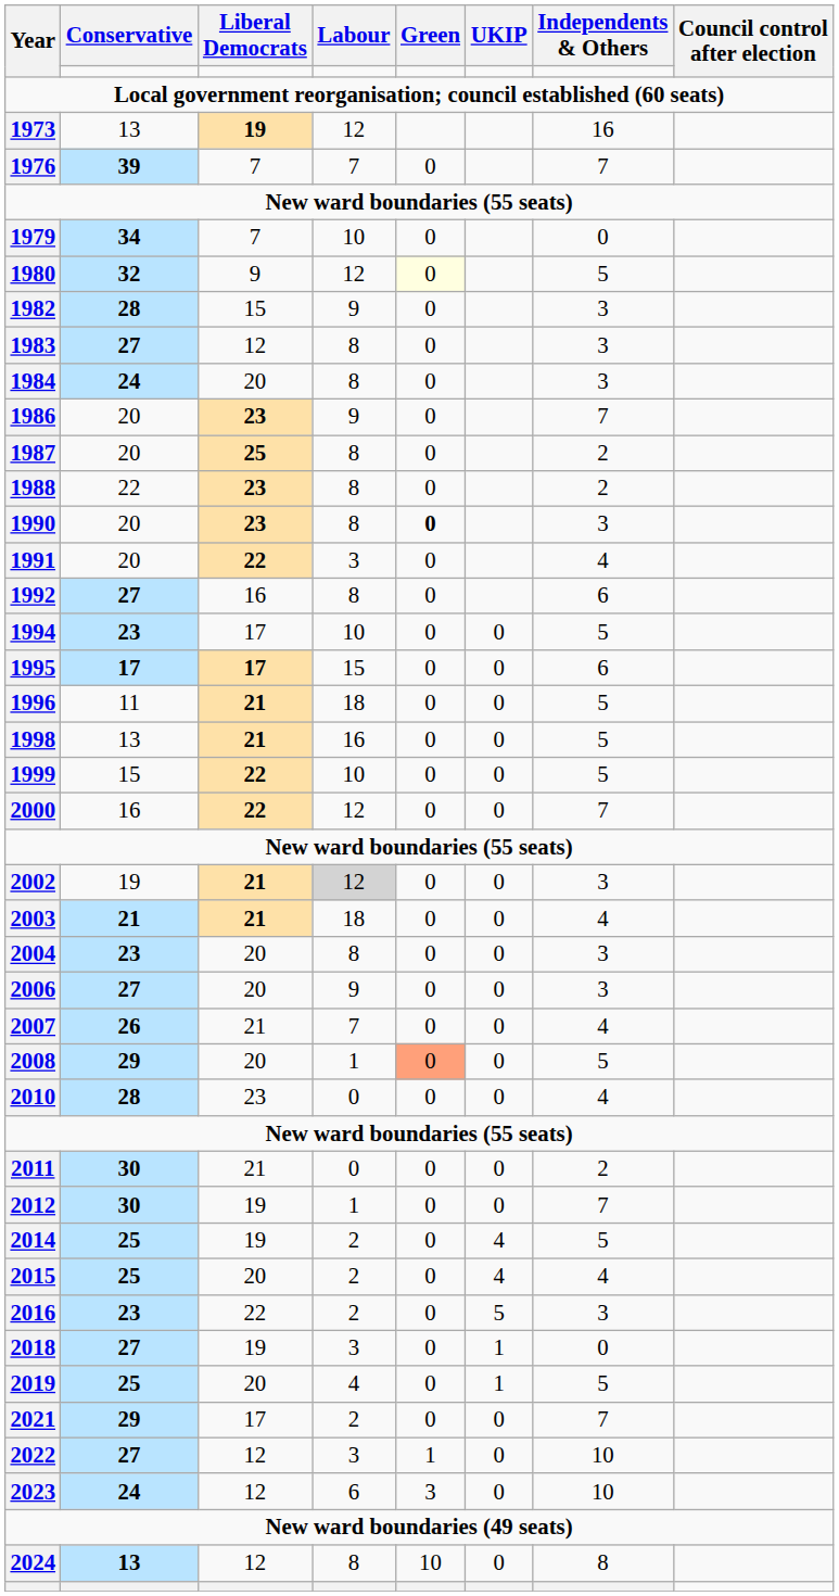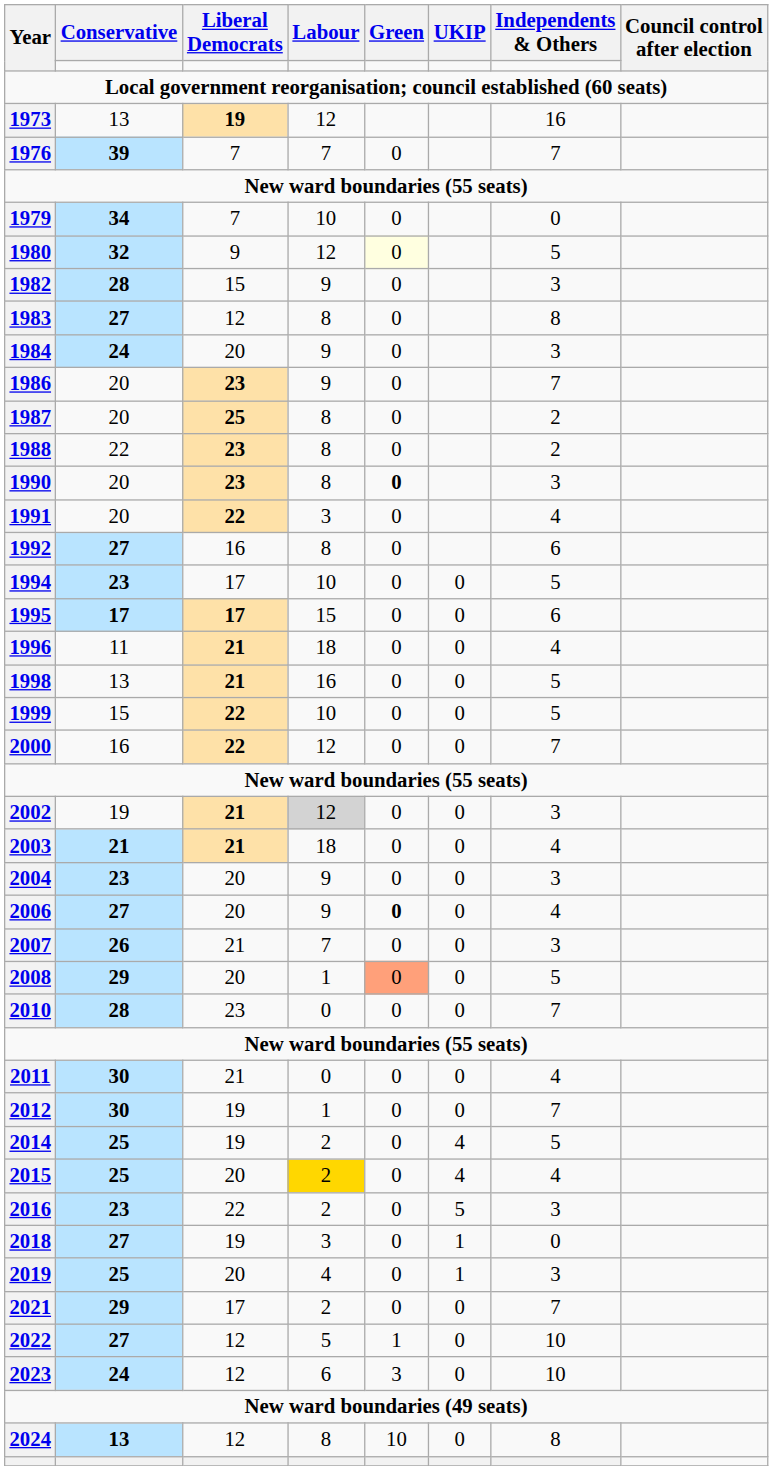 <table class="wikitable plainrowheaders" style="text-align:center">
 <tr>
 <th scope="col" rowspan="2">Year</th>
 <th scope="col"><a href='#'>Conservative</a></th>
 <th scope="col" style="width:1px"><a href='#'>Liberal Democrats</a></th>
 <th scope="col"><a href='#'>Labour</a></th>
 <th scope="col"><a href='#'>Green</a></th>
 <th scope="col"><a href='#'>UKIP</a></th>
 <th scope="col"><a href='#'>Independents</a><br>& Others</th>
 <th scope="col" rowspan="2" colspan="2">Council control<br>after election</th>
 </tr>
 <tr>
 <td style="background:"></td>
 <td style="background:"></td>
 <td style="background:"></td>
 <td style="background:"></td>
 <td style="background:"></td>
 <td style="background:"></td>
 </tr>
 <tr>
 <td colspan="9"><strong>Local government reorganisation; council established (60 seats)</strong></td>
 </tr>
 <tr>
 <th scope="row"><a href='#'>1973</a></th>
 <td>13</td>
 <td style="background:#FEE1A8"><strong>19</strong></td>
 <td>12</td>
 <td></td>
 <td></td>
 <td>16</td>
 <td></td>
 </tr>
 <tr>
 <th scope="row"><a href='#'>1976</a></th>
 <td style="background:#B9E4FF;"><strong>39</strong></td>
 <td>7</td>
 <td>7</td>
 <td>0</td>
 <td></td>
 <td>7</td>
 <td></td>
 </tr>
 <tr>
 <td colspan="9"><strong>New ward boundaries (55 seats)</strong></td>
 </tr>
 <tr>
 <th scope="row"><a href='#'>1979</a></th>
 <td style="background:#B9E4FF;"><strong>34</strong></td>
 <td>7</td>
 <td>10</td>
 <td>0</td>
 <td></td>
 <td>0</td>
 <td></td>
 </tr>
 <tr>
 <th scope="row"><a href='#'>1980</a></th>
 <td style="background:#B9E4FF;"><strong>32</strong></td>
 <td>9</td>
 <td>12</td>
 <td style="background: lightyellow;">0</td>
 <td></td>
 <td>5</td>
 <td></td>
 </tr>
 <tr>
 <th scope="row"><a href='#'>1982</a></th>
 <td style="background:#B9E4FF;"><strong>28</strong></td>
 <td>15</td>
 <td>9</td>
 <td>0</td>
 <td></td>
 <td>3</td>
 <td></td>
 </tr>
 <tr>
 <th scope="row"><a href='#'>1983</a></th>
 <td style="background:#B9E4FF;"><strong>27</strong></td>
 <td>12</td>
 <td>8</td>
 <td>0</td>
 <td></td>
-<td>3</td>
+<td>8</td>
 <td></td>
 </tr>
 <tr>
 <th scope="row"><a href='#'>1984</a></th>
 <td style="background:#B9E4FF;"><strong>24</strong></td>
 <td>20</td>
-<td>8</td>
+<td>9</td>
 <td>0</td>
 <td></td>
 <td>3</td>
 <td></td>
 </tr>
 <tr>
 <th scope="row"><a href='#'>1986</a></th>
 <td>20</td>
 <td style="background:#FEE1A8"><strong>23</strong></td>
 <td>9</td>
 <td>0</td>
 <td></td>
 <td>7</td>
 <td></td>
 </tr>
 <tr>
 <th scope="row"><a href='#'>1987</a></th>
 <td>20</td>
 <td style="background:#FEE1A8"><strong>25</strong></td>
 <td>8</td>
 <td>0</td>
 <td></td>
 <td>2</td>
 <td></td>
 </tr>
 <tr>
 <th scope="row"><a href='#'>1988</a></th>
 <td>22</td>
 <td style="background:#FEE1A8"><strong>23</strong></td>
 <td>8</td>
 <td>0</td>
 <td></td>
 <td>2</td>
 <td></td>
 </tr>
 <tr>
 <th scope="row"><a href='#'>1990</a></th>
 <td>20</td>
 <td style="background:#FEE1A8"><strong>23</strong></td>
 <td>8</td>
 <td><strong>0</strong></td>
 <td></td>
 <td>3</td>
 <td></td>
 </tr>
 <tr>
 <th scope="row"><a href='#'>1991</a></th>
 <td>20</td>
 <td style="background:#FEE1A8"><strong>22</strong></td>
 <td>3</td>
 <td>0</td>
 <td></td>
 <td>4</td>
 <td></td>
 </tr>
 <tr>
 <th scope="row"><a href='#'>1992</a></th>
 <td style="background:#B9E4FF;"><strong>27</strong></td>
 <td>16</td>
 <td>8</td>
 <td>0</td>
 <td></td>
 <td>6</td>
 <td></td>
 </tr>
 <tr>
 <th scope="row"><a href='#'>1994</a></th>
 <td style="background:#B9E4FF;"><strong>23</strong></td>
 <td>17</td>
 <td>10</td>
 <td>0</td>
 <td>0</td>
 <td>5</td>
 <td></td>
 </tr>
 <tr>
 <th scope="row"><a href='#'>1995</a></th>
 <td style="background:#B9E4FF;"><strong>17</strong></td>
 <td style="background:#FEE1A8"><strong>17</strong></td>
 <td>15</td>
 <td>0</td>
 <td>0</td>
 <td>6</td>
 <td></td>
 </tr>
 <tr>
 <th scope="row"><a href='#'>1996</a></th>
 <td>11</td>
 <td style="background:#FEE1A8"><strong>21</strong></td>
 <td>18</td>
 <td>0</td>
 <td>0</td>
-<td>5</td>
+<td>4</td>
 <td></td>
 </tr>
 <tr>
 <th scope="row"><a href='#'>1998</a></th>
 <td>13</td>
 <td style="background:#FEE1A8"><strong>21</strong></td>
 <td>16</td>
 <td>0</td>
 <td>0</td>
 <td>5</td>
 <td></td>
 </tr>
 <tr>
 <th scope="row"><a href='#'>1999</a></th>
 <td>15</td>
 <td style="background:#FEE1A8"><strong>22</strong></td>
 <td>10</td>
 <td>0</td>
 <td>0</td>
 <td>5</td>
 <td></td>
 </tr>
 <tr>
 <th scope="row"><a href='#'>2000</a></th>
 <td>16</td>
 <td style="background:#FEE1A8"><strong>22</strong></td>
 <td>12</td>
 <td>0</td>
 <td>0</td>
 <td>7</td>
 <td></td>
 </tr>
 <tr>
 <td colspan="9"><strong>New ward boundaries (55 seats)</strong></td>
 </tr>
 <tr>
 <th scope="row"><a href='#'>2002</a></th>
 <td>19</td>
 <td style="background:#FEE1A8"><strong>21</strong></td>
 <td style="background: lightgrey;">12</td>
 <td>0</td>
 <td>0</td>
 <td>3</td>
 <td></td>
 </tr>
 <tr>
 <th scope="row"><a href='#'>2003</a></th>
 <td style="background:#B9E4FF;"><strong>21</strong></td>
 <td style="background:#FEE1A8"><strong>21</strong></td>
 <td>18</td>
 <td>0</td>
 <td>0</td>
 <td>4</td>
 <td></td>
 </tr>
 <tr>
 <th scope="row"><a href='#'>2004</a></th>
 <td style="background:#B9E4FF;"><strong>23</strong></td>
 <td>20</td>
-<td>8</td>
+<td>9</td>
 <td>0</td>
 <td>0</td>
 <td>3</td>
 <td></td>
 </tr>
 <tr>
 <th scope="row"><a href='#'>2006</a></th>
 <td style="background:#B9E4FF;"><strong>27</strong></td>
 <td>20</td>
 <td>9</td>
+<td><strong>0</strong></td>
 <td>0</td>
-<td>0</td>
-<td>3</td>
+<td>4</td>
 <td></td>
 </tr>
 <tr>
 <th scope="row"><a href='#'>2007</a></th>
 <td style="background:#B9E4FF;"><strong>26</strong></td>
 <td>21</td>
 <td>7</td>
 <td>0</td>
 <td>0</td>
-<td>4</td>
+<td>3</td>
 <td></td>
 </tr>
 <tr>
 <th scope="row"><a href='#'>2008</a></th>
 <td style="background:#B9E4FF;"><strong>29</strong></td>
 <td>20</td>
 <td>1</td>
 <td style="background: lightsalmon;">0</td>
 <td>0</td>
 <td>5</td>
 <td></td>
 </tr>
 <tr>
 <th scope="row"><a href='#'>2010</a></th>
 <td style="background:#B9E4FF;"><strong>28</strong></td>
 <td>23</td>
 <td>0</td>
 <td>0</td>
 <td>0</td>
-<td>4</td>
+<td>7</td>
 <td></td>
 </tr>
 <tr>
 <td colspan="9"><strong>New ward boundaries (55 seats)</strong></td>
 </tr>
 <tr>
 <th scope="row"><a href='#'>2011</a></th>
 <td style="background:#B9E4FF;"><strong>30</strong></td>
 <td>21</td>
 <td>0</td>
 <td>0</td>
 <td>0</td>
-<td>2</td>
+<td>4</td>
 <td></td>
 </tr>
 <tr>
 <th scope="row"><a href='#'>2012</a></th>
 <td style="background:#B9E4FF;"><strong>30</strong></td>
 <td>19</td>
 <td>1</td>
 <td>0</td>
 <td>0</td>
 <td>7</td>
 <td></td>
 </tr>
 <tr>
 <th scope="row"><a href='#'>2014</a></th>
 <td style="background:#B9E4FF;"><strong>25</strong></td>
 <td>19</td>
 <td>2</td>
 <td>0</td>
 <td>4</td>
 <td>5</td>
 <td></td>
 </tr>
 <tr>
 <th scope="row"><a href='#'>2015</a></th>
 <td style="background:#B9E4FF;"><strong>25</strong></td>
 <td>20</td>
-<td>2</td>
+<td style="background: gold;">2</td>
 <td>0</td>
 <td>4</td>
 <td>4</td>
 <td></td>
 </tr>
 <tr>
 <th scope="row"><a href='#'>2016</a></th>
 <td style="background:#B9E4FF;"><strong>23</strong></td>
 <td>22</td>
 <td>2</td>
 <td>0</td>
 <td>5</td>
 <td>3</td>
 <td></td>
 </tr>
 <tr>
 <th scope="row"><a href='#'>2018</a></th>
 <td style="background:#B9E4FF;"><strong>27</strong></td>
 <td>19</td>
 <td>3</td>
 <td>0</td>
 <td>1</td>
 <td>0</td>
 <td></td>
 </tr>
 <tr>
 <th scope="row"><a href='#'>2019</a></th>
 <td style="background:#B9E4FF;"><strong>25</strong></td>
 <td>20</td>
 <td>4</td>
 <td>0</td>
 <td>1</td>
-<td>5</td>
+<td>3</td>
 <td></td>
 </tr>
 <tr>
 <th scope="row"><a href='#'>2021</a></th>
 <td style="background:#B9E4FF;"><strong>29</strong></td>
 <td>17</td>
 <td>2</td>
 <td>0</td>
 <td>0</td>
 <td>7</td>
 <td></td>
 </tr>
 <tr>
 <th scope="row"><a href='#'>2022</a></th>
 <td style="background:#B9E4FF;"><strong>27</strong></td>
 <td>12</td>
-<td>3</td>
+<td>5</td>
 <td>1</td>
 <td>0</td>
 <td>10</td>
 <td></td>
 </tr>
 <tr>
 <th scope="row"><a href='#'>2023</a></th>
 <td style="background:#B9E4FF;"><strong>24</strong></td>
 <td>12</td>
 <td>6</td>
 <td>3</td>
 <td>0</td>
 <td>10</td>
 <td></td>
 </tr>
 <tr>
 <td colspan="9"><strong>New ward boundaries (49 seats)</strong></td>
 </tr>
 <tr>
 <th scope="row"><a href='#'>2024</a></th>
 <td style="background:#B9E4FF;"><strong>13</strong></td>
 <td>12</td>
 <td>8</td>
 <td>10</td>
 <td>0</td>
 <td>8</td>
 <td></td>
 </tr>
 <tr>
 <th></th>
 <th style="background-color: "></th>
 <th style="background-color: "></th>
 <th style="background-color: "></th>
 <th style="background-color: "></th>
 <th style="background-color: "></th>
 <th style="background-color: "></th>
 </tr>
 </table>
